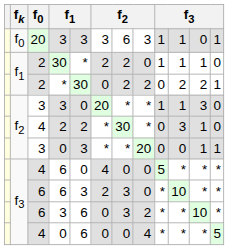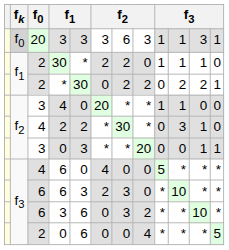 <table class=wikitable>
 <tr>
 <th></th>
 <th>f<sub><em>k</em></sub></th>
 <th>f<sub>0</sub></th>
 <th colspan=2>f<sub>1</sub></th>
 <th colspan=3>f<sub>2</sub></th>
 <th colspan=4>f<sub>3</sub></th>
 </tr>
 <tr align=right>
 <td align=left bgcolor=#ffffe0></td>
-<td rowspan=1>f<sub>0</sub></td>
+<td rowspan=1 style="background: lightgrey;">f<sub>0</sub></td>
 <td bgcolor=#e0ffe0>20</td>
 <td bgcolor=#e0e0e0>3</td>
 <td bgcolor=#e0e0e0>3</td>
 <td bgcolor=#ffffff>3</td>
 <td bgcolor=#ffffff>6</td>
 <td bgcolor=#ffffff>3</td>
 <td bgcolor=#e0e0e0>1</td>
 <td bgcolor=#e0e0e0>1</td>
-<td bgcolor=#e0e0e0>0</td>
+<td bgcolor=#e0e0e0>3</td>
 <td bgcolor=#e0e0e0>1</td>
 </tr>
 <tr align=right>
 <td align=left bgcolor=#ffffe0></td>
 <td rowspan=2>f<sub>1</sub></td>
 <td bgcolor=#e0e0e0>2</td>
 <td bgcolor=#e0ffe0>30</td>
 <td bgcolor=#ffffff>*</td>
 <td bgcolor=#e0e0e0>2</td>
 <td bgcolor=#e0e0e0>2</td>
 <td bgcolor=#e0e0e0>0</td>
 <td bgcolor=#ffffff>1</td>
 <td bgcolor=#ffffff>1</td>
 <td bgcolor=#ffffff>1</td>
 <td bgcolor=#ffffff>0</td>
 </tr>
 <tr align=right>
 <td align=left bgcolor=#ffffe0></td>
 <td bgcolor=#e0e0e0>2</td>
 <td bgcolor=#ffffff>*</td>
 <td bgcolor=#e0ffe0>30</td>
 <td bgcolor=#e0e0e0>0</td>
 <td bgcolor=#e0e0e0>2</td>
 <td bgcolor=#e0e0e0>2</td>
 <td bgcolor=#ffffff>0</td>
 <td bgcolor=#ffffff>2</td>
 <td bgcolor=#ffffff>2</td>
 <td bgcolor=#ffffff>1</td>
 </tr>
 <tr align=right>
 <td align=left bgcolor=#ffffe0></td>
 <td rowspan=3>f<sub>2</sub></td>
 <td bgcolor=#ffffff>3</td>
-<td bgcolor=#e0e0e0>3</td>
+<td bgcolor=#e0e0e0>4</td>
 <td bgcolor=#e0e0e0>0</td>
 <td bgcolor=#e0ffe0>20</td>
 <td bgcolor=#ffffff>*</td>
 <td bgcolor=#ffffff>*</td>
 <td bgcolor=#e0e0e0>1</td>
 <td bgcolor=#e0e0e0>1</td>
-<td bgcolor=#e0e0e0>3</td>
+<td bgcolor=#e0e0e0>0</td>
 <td bgcolor=#e0e0e0>0</td>
 </tr>
 <tr align=right>
 <td align=left bgcolor=#ffffe0></td>
 <td bgcolor=#ffffff>4</td>
 <td bgcolor=#e0e0e0>2</td>
 <td bgcolor=#e0e0e0>2</td>
 <td bgcolor=#ffffff>*</td>
 <td bgcolor=#e0ffe0>30</td>
 <td bgcolor=#ffffff>*</td>
 <td bgcolor=#e0e0e0>0</td>
 <td bgcolor=#e0e0e0>3</td>
 <td bgcolor=#e0e0e0>1</td>
 <td bgcolor=#e0e0e0>0</td>
 </tr>
 <tr align=right>
 <td align=left bgcolor=#ffffe0></td>
 <td bgcolor=#ffffff>3</td>
 <td bgcolor=#e0e0e0>0</td>
 <td bgcolor=#e0e0e0>3</td>
 <td bgcolor=#ffffff>*</td>
 <td bgcolor=#ffffff>*</td>
 <td bgcolor=#e0ffe0>20</td>
 <td bgcolor=#e0e0e0>0</td>
 <td bgcolor=#e0e0e0>0</td>
 <td bgcolor=#e0e0e0>1</td>
 <td bgcolor=#e0e0e0>1</td>
 </tr>
 <tr align=right>
 <td align=left bgcolor=#ffffe0></td>
 <td rowspan=4>f<sub>3</sub></td>
 <td bgcolor=#e0e0e0>4</td>
 <td bgcolor=#ffffff>6</td>
 <td bgcolor=#ffffff>0</td>
 <td bgcolor=#e0e0e0>4</td>
 <td bgcolor=#e0e0e0>0</td>
 <td bgcolor=#e0e0e0>0</td>
 <td bgcolor=#e0ffe0>5</td>
 <td bgcolor=#ffffff>*</td>
 <td bgcolor=#ffffff>*</td>
 <td bgcolor=#ffffff>*</td>
 </tr>
 <tr align=right>
 <td align=left bgcolor=#ffffe0></td>
 <td bgcolor=#e0e0e0>6</td>
 <td bgcolor=#ffffff>6</td>
 <td bgcolor=#ffffff>3</td>
 <td bgcolor=#e0e0e0>2</td>
 <td bgcolor=#e0e0e0>3</td>
 <td bgcolor=#e0e0e0>0</td>
 <td bgcolor=#ffffff>*</td>
 <td bgcolor=#e0ffe0>10</td>
 <td bgcolor=#ffffff>*</td>
 <td bgcolor=#ffffff>*</td>
 </tr>
 <tr align=right>
 <td align=left bgcolor=#ffffe0></td>
 <td bgcolor=#e0e0e0>6</td>
 <td bgcolor=#ffffff>3</td>
 <td bgcolor=#ffffff>6</td>
 <td bgcolor=#e0e0e0>0</td>
 <td bgcolor=#e0e0e0>3</td>
 <td bgcolor=#e0e0e0>2</td>
 <td bgcolor=#ffffff>*</td>
 <td bgcolor=#ffffff>*</td>
 <td bgcolor=#e0ffe0>10</td>
 <td bgcolor=#ffffff>*</td>
 </tr>
 <tr align=right>
 <td align=left bgcolor=#ffffe0></td>
-<td bgcolor=#e0e0e0>4</td>
+<td bgcolor=#e0e0e0>2</td>
 <td bgcolor=#ffffff>0</td>
 <td bgcolor=#ffffff>6</td>
 <td bgcolor=#e0e0e0>0</td>
 <td bgcolor=#e0e0e0>0</td>
 <td bgcolor=#e0e0e0>4</td>
 <td bgcolor=#ffffff>*</td>
 <td bgcolor=#ffffff>*</td>
 <td bgcolor=#ffffff>*</td>
 <td bgcolor=#e0ffe0>5</td>
 </tr>
 </table>
